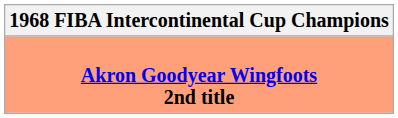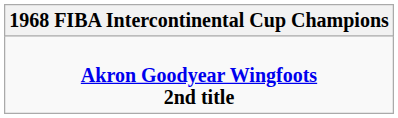 <table class=wikitable style="text-align:center; margin:auto">
 <tr>
 <th>1968 FIBA Intercontinental Cup Champions</th>
 </tr>
 <tr>
-<td style="background: lightsalmon;"><br><strong><a href='#'>Akron Goodyear Wingfoots</a></strong><br><strong>2nd title</strong></td>
+<td><br><strong><a href='#'>Akron Goodyear Wingfoots</a></strong><br><strong>2nd title</strong></td>
 </tr>
 </table>
